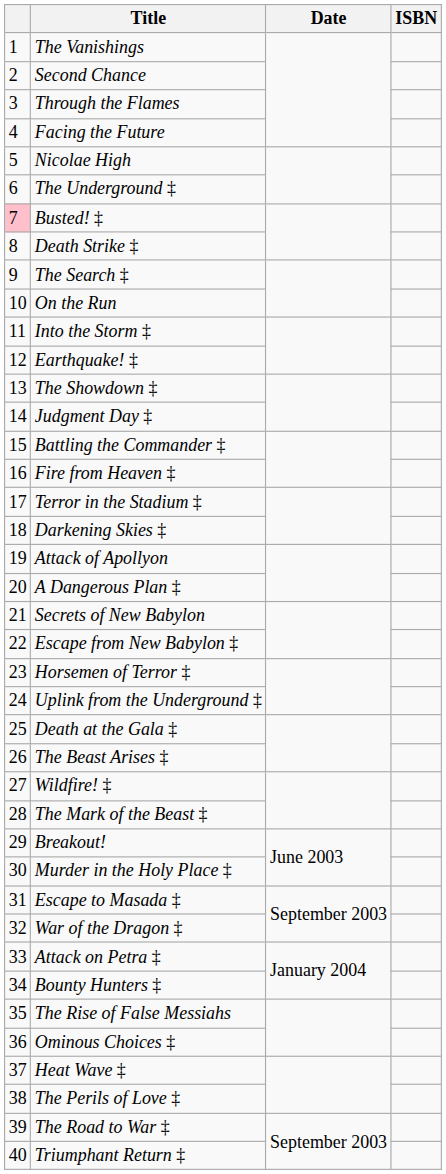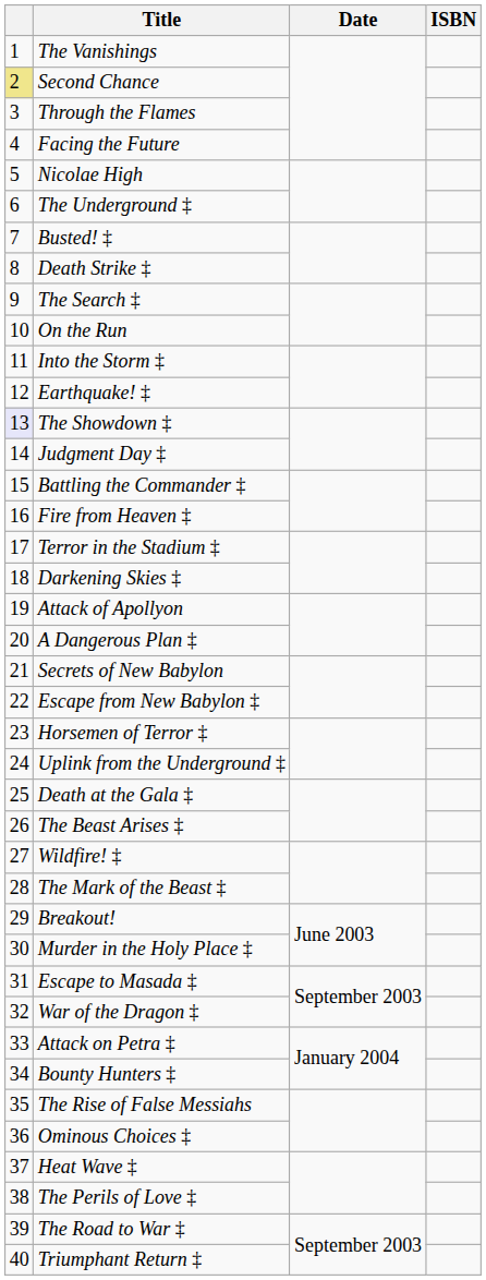 <table class="wikitable" border="1">
 <tr>
 <th></th>
 <th>Title</th>
 <th>Date</th>
 <th>ISBN</th>
 </tr>
 <tr>
 <td>1</td>
 <td><em>The Vanishings</em></td>
 <td rowspan="4"></td>
 <td></td>
 </tr>
 <tr>
-<td>2</td>
+<td style="background: khaki;">2</td>
 <td><em>Second Chance</em></td>
 <td></td>
 </tr>
 <tr>
 <td>3</td>
 <td><em>Through the Flames</em></td>
 <td></td>
 </tr>
 <tr>
 <td>4</td>
 <td><em>Facing the Future</em></td>
 <td></td>
 </tr>
 <tr>
 <td>5</td>
 <td><em>Nicolae High</em></td>
 <td rowspan="2"></td>
 <td></td>
 </tr>
 <tr>
 <td>6</td>
 <td><em>The Underground</em> ‡</td>
 <td></td>
 </tr>
 <tr>
-<td style="background: pink;">7</td>
+<td>7</td>
 <td><em>Busted!</em> ‡</td>
 <td rowspan="2"></td>
 <td></td>
 </tr>
 <tr>
 <td>8</td>
 <td><em>Death Strike</em> ‡</td>
 <td></td>
 </tr>
 <tr>
 <td>9</td>
 <td><em>The Search</em> ‡</td>
 <td rowspan="2"></td>
 <td></td>
 </tr>
 <tr>
 <td>10</td>
 <td><em>On the Run</em></td>
 <td></td>
 </tr>
 <tr>
 <td>11</td>
 <td><em>Into the Storm</em> ‡</td>
 <td rowspan="2"></td>
 <td></td>
 </tr>
 <tr>
 <td>12</td>
 <td><em>Earthquake!</em> ‡</td>
 <td></td>
 </tr>
 <tr>
-<td>13</td>
+<td style="background: lavender;">13</td>
 <td><em>The Showdown</em> ‡</td>
 <td rowspan="2"></td>
 <td></td>
 </tr>
 <tr>
 <td>14</td>
 <td><em>Judgment Day</em> ‡</td>
 <td></td>
 </tr>
 <tr>
 <td>15</td>
 <td><em>Battling the Commander</em> ‡</td>
 <td rowspan="2"></td>
 <td></td>
 </tr>
 <tr>
 <td>16</td>
 <td><em>Fire from Heaven</em> ‡</td>
 <td></td>
 </tr>
 <tr>
 <td>17</td>
 <td><em>Terror in the Stadium</em> ‡</td>
 <td rowspan="2"></td>
 <td></td>
 </tr>
 <tr>
 <td>18</td>
 <td><em>Darkening Skies</em> ‡</td>
 <td></td>
 </tr>
 <tr>
 <td>19</td>
 <td><em>Attack of Apollyon</em></td>
 <td rowspan="2"></td>
 <td></td>
 </tr>
 <tr>
 <td>20</td>
 <td><em>A Dangerous Plan</em> ‡</td>
 <td></td>
 </tr>
 <tr>
 <td>21</td>
 <td><em>Secrets of New Babylon</em></td>
 <td rowspan="2"></td>
 <td></td>
 </tr>
 <tr>
 <td>22</td>
 <td><em>Escape from New Babylon</em> ‡</td>
 <td></td>
 </tr>
 <tr>
 <td>23</td>
 <td><em>Horsemen of Terror</em> ‡</td>
 <td rowspan="2"></td>
 <td></td>
 </tr>
 <tr>
 <td>24</td>
 <td><em>Uplink from the Underground</em> ‡</td>
 <td></td>
 </tr>
 <tr>
 <td>25</td>
 <td><em>Death at the Gala</em> ‡</td>
 <td rowspan="2"></td>
 <td></td>
 </tr>
 <tr>
 <td>26</td>
 <td><em>The Beast Arises</em> ‡</td>
 <td></td>
 </tr>
 <tr>
 <td>27</td>
 <td><em>Wildfire!</em> ‡</td>
 <td rowspan="2"></td>
 <td></td>
 </tr>
 <tr>
 <td>28</td>
 <td><em>The Mark of the Beast</em> ‡</td>
 <td></td>
 </tr>
 <tr>
 <td>29</td>
 <td><em>Breakout!</em></td>
 <td rowspan="2">June 2003</td>
 <td></td>
 </tr>
 <tr>
 <td>30</td>
 <td><em>Murder in the Holy Place</em> ‡</td>
 <td></td>
 </tr>
 <tr>
 <td>31</td>
 <td><em>Escape to Masada</em> ‡</td>
 <td rowspan="2">September 2003</td>
 <td></td>
 </tr>
 <tr>
 <td>32</td>
 <td><em>War of the Dragon</em> ‡</td>
 <td></td>
 </tr>
 <tr>
 <td>33</td>
 <td><em>Attack on Petra</em> ‡</td>
 <td rowspan="2">January 2004</td>
 <td></td>
 </tr>
 <tr>
 <td>34</td>
 <td><em>Bounty Hunters</em> ‡</td>
 <td></td>
 </tr>
 <tr>
 <td>35</td>
 <td><em>The Rise of False Messiahs</em></td>
 <td rowspan="2"></td>
 <td></td>
 </tr>
 <tr>
 <td>36</td>
 <td><em>Ominous Choices</em> ‡</td>
 <td></td>
 </tr>
 <tr>
 <td>37</td>
 <td><em>Heat Wave</em> ‡</td>
 <td rowspan="2"></td>
 <td></td>
 </tr>
 <tr>
 <td>38</td>
 <td><em>The Perils of Love</em> ‡</td>
 <td></td>
 </tr>
 <tr>
 <td>39</td>
 <td><em>The Road to War</em> ‡</td>
 <td rowspan="2">September 2003</td>
 <td></td>
 </tr>
 <tr>
 <td>40</td>
 <td><em>Triumphant Return</em> ‡</td>
 <td></td>
 </tr>
 </table>
